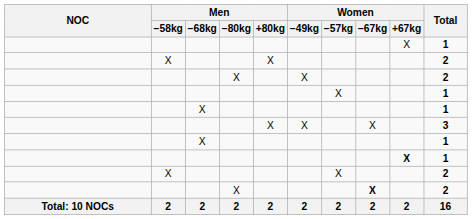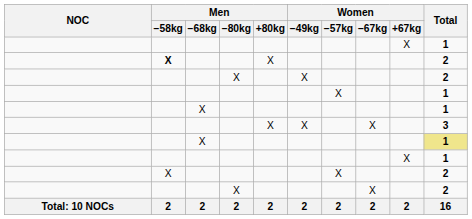 <table class="wikitable" style="text-align:center; font-size:90%">
 <tr>
 <th rowspan="2" width=200 align="left">NOC</th>
 <th colspan="4">Men</th>
 <th colspan="4">Women</th>
 <th width=55 rowspan="2">Total</th>
 </tr>
 <tr>
 <th width=40>−58kg</th>
 <th width=40>−68kg</th>
 <th width=40>−80kg</th>
 <th width=40>+80kg</th>
 <th width=40>−49kg</th>
 <th width=40>−57kg</th>
 <th width=40>−67kg</th>
 <th width=40>+67kg</th>
 </tr>
 <tr>
 <td align="left"></td>
 <td></td>
 <td></td>
 <td></td>
 <td></td>
 <td></td>
 <td></td>
 <td></td>
 <td>X</td>
 <td><strong>1</strong></td>
 </tr>
 <tr>
 <td align="left"></td>
-<td>X</td>
+<td><strong>X</strong></td>
 <td></td>
 <td></td>
 <td>X</td>
 <td></td>
 <td></td>
 <td></td>
 <td></td>
 <td><strong>2</strong></td>
 </tr>
 <tr>
 <td align="left"></td>
 <td></td>
 <td></td>
 <td>X</td>
 <td></td>
 <td>X</td>
 <td></td>
 <td></td>
 <td></td>
 <td><strong>2</strong></td>
 </tr>
 <tr>
 <td align="left"></td>
 <td></td>
 <td></td>
 <td></td>
 <td></td>
 <td></td>
 <td>X</td>
 <td></td>
 <td></td>
 <td><strong>1</strong></td>
 </tr>
 <tr>
 <td align="left"></td>
 <td></td>
 <td>X</td>
 <td></td>
 <td></td>
 <td></td>
 <td></td>
 <td></td>
 <td></td>
 <td><strong>1</strong></td>
 </tr>
 <tr>
 <td align="left"></td>
 <td></td>
 <td></td>
 <td></td>
 <td>X</td>
 <td>X</td>
 <td></td>
 <td>X</td>
 <td></td>
 <td><strong>3</strong></td>
 </tr>
 <tr>
 <td align="left"></td>
 <td></td>
 <td>X</td>
 <td></td>
 <td></td>
 <td></td>
 <td></td>
 <td></td>
 <td></td>
-<td><strong>1</strong></td>
+<td style="background: khaki;"><strong>1</strong></td>
 </tr>
 <tr>
 <td align="left"></td>
 <td></td>
 <td></td>
 <td></td>
 <td></td>
 <td></td>
 <td></td>
 <td></td>
-<td><strong>X</strong></td>
+<td>X</td>
 <td><strong>1</strong></td>
 </tr>
 <tr>
 <td align="left"></td>
 <td>X</td>
 <td></td>
 <td></td>
 <td></td>
 <td></td>
 <td>X</td>
 <td></td>
 <td></td>
 <td><strong>2</strong></td>
 </tr>
 <tr>
 <td align="left"></td>
 <td></td>
 <td></td>
 <td>X</td>
 <td></td>
 <td></td>
 <td></td>
-<td><strong>X</strong></td>
+<td>X</td>
 <td></td>
 <td><strong>2</strong></td>
 </tr>
 <tr>
 <th>Total: 10 NOCs</th>
 <th>2</th>
 <th>2</th>
 <th>2</th>
 <th>2</th>
 <th>2</th>
 <th>2</th>
 <th>2</th>
 <th>2</th>
 <th>16</th>
 </tr>
 </table>
